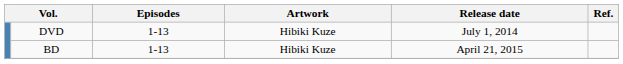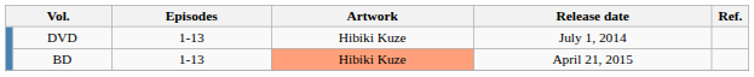 <table class="wikitable" style="text-align: center; width: 98%;">
 <tr>
 <th colspan="2">Vol.</th>
 <th>Episodes</th>
 <th>Artwork</th>
 <th>Release date</th>
 <th width="5%">Ref.</th>
 </tr>
 <tr>
 <td rowspan="10" width="1%" style="background: SteelBlue;"></td>
 <td>DVD</td>
 <td>1-13</td>
 <td>Hibiki Kuze</td>
 <td>July 1, 2014</td>
 <td></td>
 </tr>
 <tr>
 <td>BD</td>
 <td>1-13</td>
-<td>Hibiki Kuze</td>
+<td style="background: lightsalmon;">Hibiki Kuze</td>
 <td>April 21, 2015</td>
 <td></td>
 </tr>
 <tr>
 </tr>
 </table>
